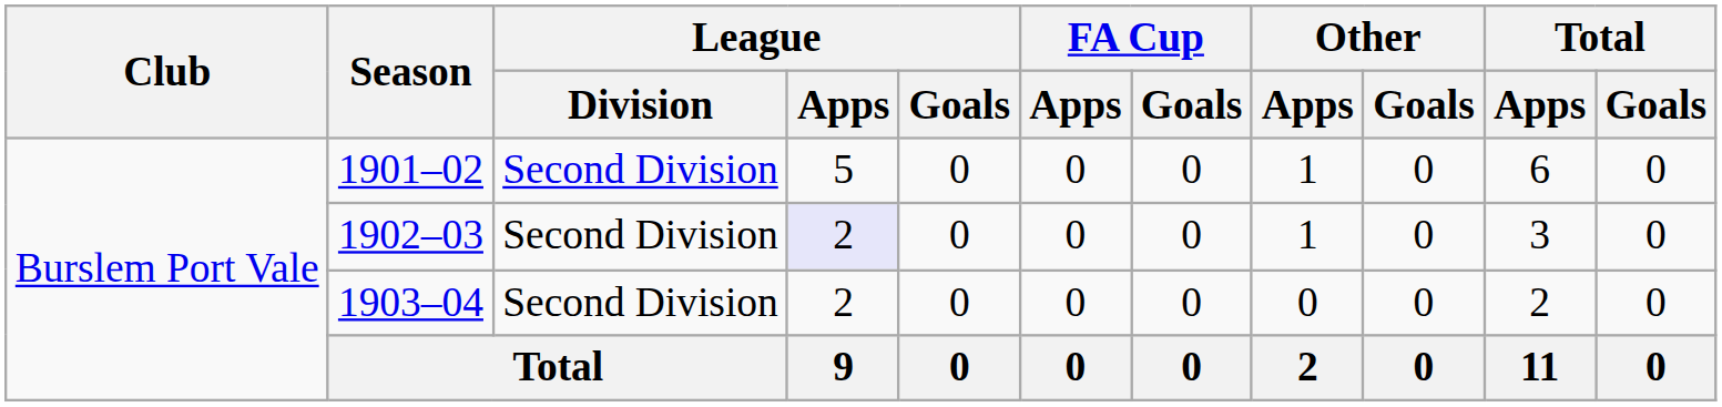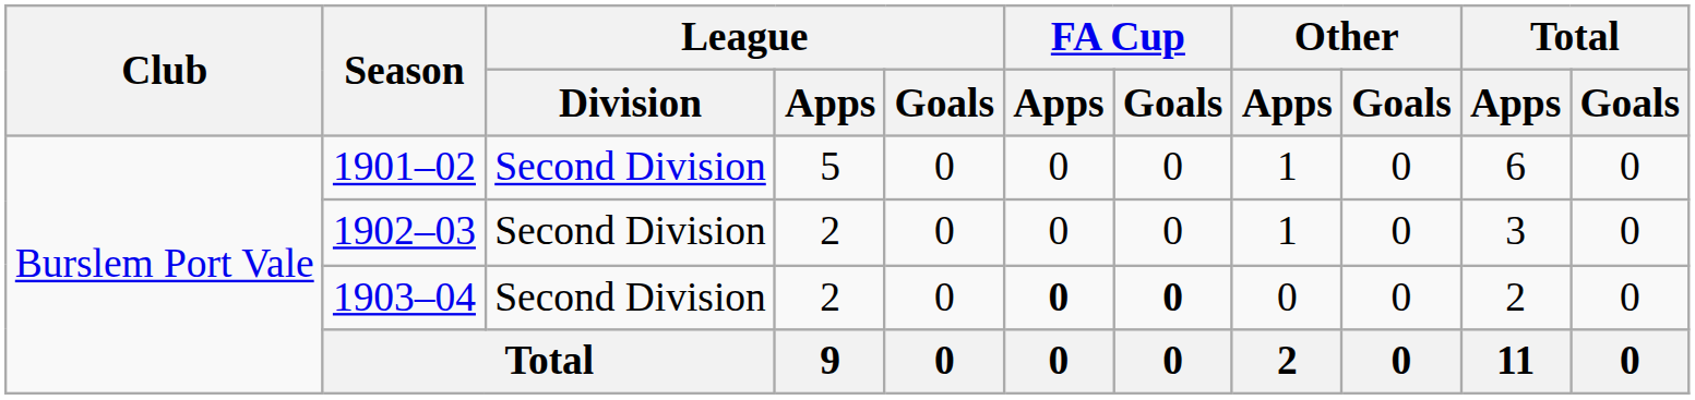 <table class="wikitable" style="text-align:center">
 <tr>
 <th rowspan="2">Club</th>
 <th rowspan="2">Season</th>
 <th colspan="3">League</th>
 <th colspan="2"><a href='#'>FA Cup</a></th>
 <th colspan="2">Other</th>
 <th colspan="2">Total</th>
 </tr>
 <tr>
 <th>Division</th>
 <th>Apps</th>
 <th>Goals</th>
 <th>Apps</th>
 <th>Goals</th>
 <th>Apps</th>
 <th>Goals</th>
 <th>Apps</th>
 <th>Goals</th>
 </tr>
 <tr>
 <td rowspan="4"><a href='#'>Burslem Port Vale</a></td>
 <td><a href='#'>1901–02</a></td>
 <td><a href='#'>Second Division</a></td>
 <td>5</td>
 <td>0</td>
 <td>0</td>
 <td>0</td>
 <td>1</td>
 <td>0</td>
 <td>6</td>
 <td>0</td>
 </tr>
 <tr>
 <td><a href='#'>1902–03</a></td>
 <td>Second Division</td>
-<td style="background: lavender;">2</td>
+<td>2</td>
 <td>0</td>
 <td>0</td>
 <td>0</td>
 <td>1</td>
 <td>0</td>
 <td>3</td>
 <td>0</td>
 </tr>
 <tr>
 <td><a href='#'>1903–04</a></td>
 <td>Second Division</td>
 <td>2</td>
 <td>0</td>
-<td>0</td>
-<td>0</td>
+<td><strong>0</strong></td>
+<td><strong>0</strong></td>
 <td>0</td>
 <td>0</td>
 <td>2</td>
 <td>0</td>
 </tr>
 <tr>
 <th colspan="2">Total</th>
 <th>9</th>
 <th>0</th>
 <th>0</th>
 <th>0</th>
 <th>2</th>
 <th>0</th>
 <th>11</th>
 <th>0</th>
 </tr>
 </table>
